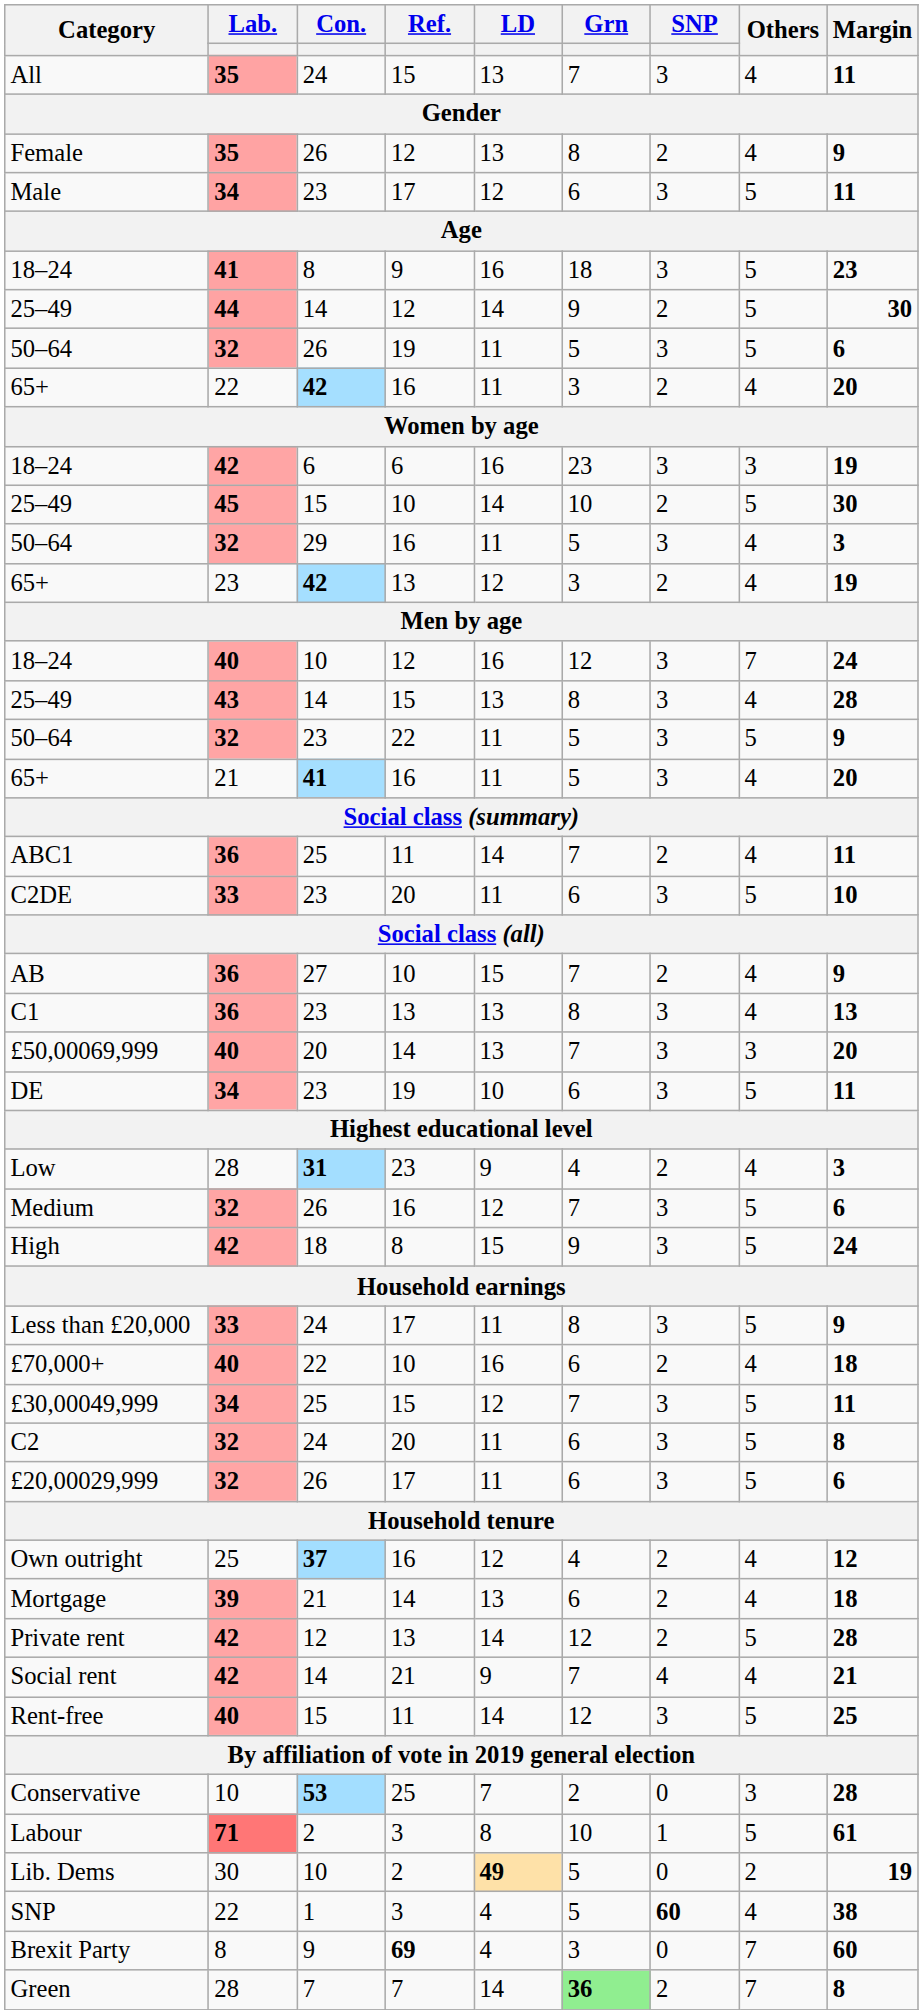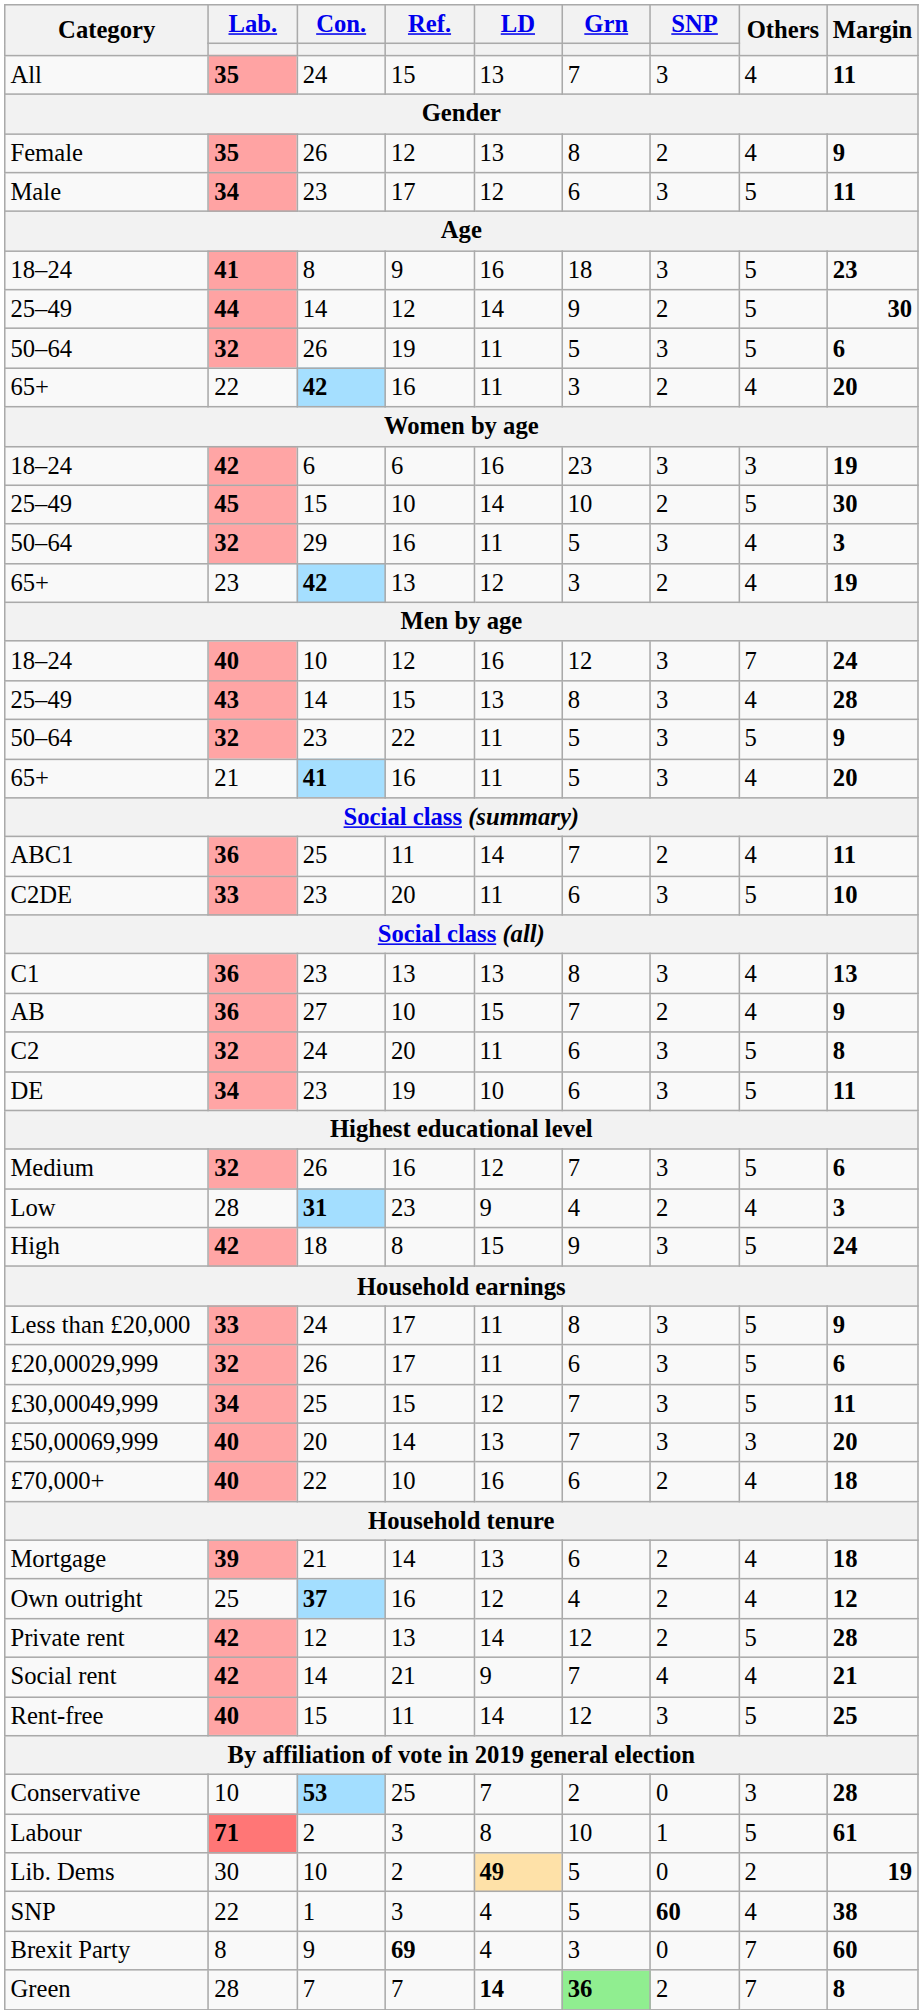 <table class="wikitable defaultright col1left">
 <tr>
 <th scope="col" style="width:125px;" rowspan="2">Category</th>
 <th scope="col" style="width:50px;"><a href='#'>Lab.</a></th>
 <th scope="col" style="width:50px;"><a href='#'>Con.</a></th>
 <th scope="col" style="width:50px;"><a href='#'>Ref.</a></th>
 <th scope="col" style="width:50px;"><a href='#'>LD</a></th>
 <th scope="col" style="width:50px;"><a href='#'>Grn</a></th>
 <th scope="col" style="width:50px;"><a href='#'>SNP</a></th>
 <th scope="col" style="width:50px;" rowspan="2">Others</th>
 <th scope="col"                     rowspan="2">Margin</th>
 </tr>
 <tr>
 <th style="color:inherit; background-color:"></th>
 <th style="color:inherit; background-color:"></th>
 <th style="color:inherit; background-color:"></th>
 <th style="color:inherit; background-color:"></th>
 <th style="color:inherit; background-color:"></th>
 <th style="color:inherit; background-color:"></th>
 </tr>
 <tr>
 <td>All</td>
 <td style="background:#FFA3A3;"><strong>35</strong></td>
 <td>24</td>
 <td>15</td>
 <td>13</td>
 <td>7</td>
 <td>3</td>
 <td>4</td>
 <td style="background:"><strong>11</strong></td>
 </tr>
 <tr>
 <th colspan="9">Gender</th>
 </tr>
 <tr>
 <td>Female</td>
 <td style="background:#FFA3A3;"><strong>35</strong></td>
 <td>26</td>
 <td>12</td>
 <td>13</td>
 <td>8</td>
 <td>2</td>
 <td>4</td>
 <td style="background:"><strong>9</strong></td>
 </tr>
 <tr>
 <td>Male</td>
 <td style="background:#FFA3A3;"><strong>34</strong></td>
 <td>23</td>
 <td>17</td>
 <td>12</td>
 <td>6</td>
 <td>3</td>
 <td>5</td>
 <td style="background:"><strong>11</strong></td>
 </tr>
 <tr>
 <th colspan="9">Age</th>
 </tr>
 <tr>
 <td>18–24</td>
 <td style="background:#FFA3A3;"><strong>41</strong></td>
 <td>8</td>
 <td>9</td>
 <td>16</td>
 <td>18</td>
 <td>3</td>
 <td>5</td>
 <td style="background:"><strong>23</strong></td>
 </tr>
 <tr>
 <td>25–49</td>
 <td style="background:#FFA3A3;"><strong>44</strong></td>
 <td>14</td>
 <td>12</td>
 <td>14</td>
 <td>9</td>
 <td>2</td>
 <td>5</td>
 <td style="text-align:right; background:"><strong>30</strong></td>
 </tr>
 <tr>
 <td>50–64</td>
 <td style="background:#FFA3A3;"><strong>32</strong></td>
 <td>26</td>
 <td>19</td>
 <td>11</td>
 <td>5</td>
 <td>3</td>
 <td>5</td>
 <td style="background:"><strong>6</strong></td>
 </tr>
 <tr>
 <td>65+</td>
 <td>22</td>
 <td style="background:#A5DFFF;"><strong>42</strong></td>
 <td>16</td>
 <td>11</td>
 <td>3</td>
 <td>2</td>
 <td>4</td>
 <td style="background:"><strong>20</strong></td>
 </tr>
 <tr>
 <th colspan="9">Women by age</th>
 </tr>
 <tr>
 <td>18–24</td>
 <td style="background:#FFA5A5;"><strong>42</strong></td>
 <td>6</td>
 <td>6</td>
 <td>16</td>
 <td>23</td>
 <td>3</td>
 <td>3</td>
 <td style="background:"><strong>19</strong></td>
 </tr>
 <tr>
 <td>25–49</td>
 <td style="background:#FFA5A5;"><strong>45</strong></td>
 <td>15</td>
 <td>10</td>
 <td>14</td>
 <td>10</td>
 <td>2</td>
 <td>5</td>
 <td style="background:"><strong>30</strong></td>
 </tr>
 <tr>
 <td>50–64</td>
 <td style="background:#FFA5A5;"><strong>32</strong></td>
 <td>29</td>
 <td>16</td>
 <td>11</td>
 <td>5</td>
 <td>3</td>
 <td>4</td>
 <td style="background:"><strong>3</strong></td>
 </tr>
 <tr>
 <td>65+</td>
 <td>23</td>
 <td style="background:#A5DFFF;"><strong>42</strong></td>
 <td>13</td>
 <td>12</td>
 <td>3</td>
 <td>2</td>
 <td>4</td>
 <td style="background:"><strong>19</strong></td>
 </tr>
 <tr>
 <th colspan="9">Men by age</th>
 </tr>
 <tr>
 <td>18–24</td>
 <td style="background:#FFA5A5;"><strong>40</strong></td>
 <td>10</td>
 <td>12</td>
 <td>16</td>
 <td>12</td>
 <td>3</td>
 <td>7</td>
 <td style="background:"><strong>24</strong></td>
 </tr>
 <tr>
 <td>25–49</td>
 <td style="background:#FFA5A5;"><strong>43</strong></td>
 <td>14</td>
 <td>15</td>
 <td>13</td>
 <td>8</td>
 <td>3</td>
 <td>4</td>
 <td style="background:"><strong>28</strong></td>
 </tr>
 <tr>
 <td>50–64</td>
 <td style="background:#FFA5A5;"><strong>32</strong></td>
 <td>23</td>
 <td>22</td>
 <td>11</td>
 <td>5</td>
 <td>3</td>
 <td>5</td>
 <td style="background:"><strong>9</strong></td>
 </tr>
 <tr>
 <td>65+</td>
 <td>21</td>
 <td style="background:#A5DFFF;"><strong>41</strong></td>
 <td>16</td>
 <td>11</td>
 <td>5</td>
 <td>3</td>
 <td>4</td>
 <td style="background:"><strong>20</strong></td>
 </tr>
 <tr>
 <th colspan="9"><a href='#'>Social class</a> <em>(summary)</em></th>
 </tr>
 <tr>
 <td>ABC1</td>
 <td style="background:#FFA5A5;"><strong>36</strong></td>
 <td>25</td>
 <td>11</td>
 <td>14</td>
 <td>7</td>
 <td>2</td>
 <td>4</td>
 <td style="background:"><strong>11</strong></td>
 </tr>
 <tr>
 <td>C2DE</td>
 <td style="background:#FFA5A5;"><strong>33</strong></td>
 <td>23</td>
 <td>20</td>
 <td>11</td>
 <td>6</td>
 <td>3</td>
 <td>5</td>
 <td style="background:"><strong>10</strong></td>
 </tr>
 <tr>
 <th colspan="9"><a href='#'>Social class</a> <em>(all)</em></th>
 </tr>
 <tr>
+<td>C1</td>
+<td style="background:#FFA5A5;"><strong>36</strong></td>
+<td>23</td>
+<td>13</td>
+<td>13</td>
+<td>8</td>
+<td>3</td>
+<td>4</td>
+<td style="background:"><strong>13</strong></td>
+</tr>
+<tr>
 <td>AB</td>
 <td style="background:#FFA5A5;"><strong>36</strong></td>
 <td>27</td>
 <td>10</td>
 <td>15</td>
 <td>7</td>
 <td>2</td>
 <td>4</td>
 <td style="background:"><strong>9</strong></td>
 </tr>
 <tr>
-<td>C1</td>
-<td style="background:#FFA5A5;"><strong>36</strong></td>
-<td>23</td>
-<td>13</td>
-<td>13</td>
-<td>8</td>
+<td>C2</td>
+<td style="background:#FFA5A5;"><strong>32</strong></td>
+<td>24</td>
+<td>20</td>
+<td>11</td>
+<td>6</td>
 <td>3</td>
-<td>4</td>
-<td style="background:"><strong>13</strong></td>
-</tr>
-<tr>
-<td>£50,00069,999</td>
-<td style="background:#FFA5A5;"><strong>40</strong></td>
-<td>20</td>
-<td>14</td>
-<td>13</td>
-<td>7</td>
-<td>3</td>
-<td>3</td>
-<td style="background:"><strong>20</strong></td>
+<td>5</td>
+<td style="background:"><strong>8</strong></td>
 </tr>
 <tr>
 <td>DE</td>
 <td style="background:#FFA5A5;"><strong>34</strong></td>
 <td>23</td>
 <td>19</td>
 <td>10</td>
 <td>6</td>
 <td>3</td>
 <td>5</td>
 <td style="background:"><strong>11</strong></td>
 </tr>
 <tr>
 <th colspan="9">Highest educational level</th>
 </tr>
 <tr>
+<td>Medium</td>
+<td style="background:#FFA5A5;"><strong>32</strong></td>
+<td>26</td>
+<td>16</td>
+<td>12</td>
+<td>7</td>
+<td>3</td>
+<td>5</td>
+<td style="background:"><strong>6</strong></td>
+</tr>
+<tr>
 <td>Low</td>
 <td>28</td>
 <td style="background:#A3DEFF;"><strong>31</strong></td>
 <td>23</td>
 <td>9</td>
 <td>4</td>
 <td>2</td>
 <td>4</td>
 <td style="background:"><strong>3</strong></td>
-</tr>
-<tr>
-<td>Medium</td>
-<td style="background:#FFA5A5;"><strong>32</strong></td>
-<td>26</td>
-<td>16</td>
-<td>12</td>
-<td>7</td>
-<td>3</td>
-<td>5</td>
-<td style="background:"><strong>6</strong></td>
 </tr>
 <tr>
 <td>High</td>
 <td style="background:#FFA5A5;"><strong>42</strong></td>
 <td>18</td>
 <td>8</td>
 <td>15</td>
 <td>9</td>
 <td>3</td>
 <td>5</td>
 <td style="background:"><strong>24</strong></td>
 </tr>
 <tr>
 <th colspan="9">Household earnings</th>
 </tr>
 <tr>
 <td>Less than £20,000</td>
 <td style="background:#FFA5A5;"><strong>33</strong></td>
 <td>24</td>
 <td>17</td>
 <td>11</td>
 <td>8</td>
 <td>3</td>
 <td>5</td>
 <td style="background:"><strong>9</strong></td>
 </tr>
 <tr>
-<td>£70,000+</td>
-<td style="background:#FFA5A5;"><strong>40</strong></td>
-<td>22</td>
-<td>10</td>
-<td>16</td>
+<td>£20,00029,999</td>
+<td style="background:#FFA5A5;"><strong>32</strong></td>
+<td>26</td>
+<td>17</td>
+<td>11</td>
 <td>6</td>
-<td>2</td>
-<td>4</td>
-<td style="background:"><strong>18</strong></td>
+<td>3</td>
+<td>5</td>
+<td style="background:"><strong>6</strong></td>
 </tr>
 <tr>
 <td>£30,00049,999</td>
 <td style="background:#FFA5A5;"><strong>34</strong></td>
 <td>25</td>
 <td>15</td>
 <td>12</td>
 <td>7</td>
 <td>3</td>
 <td>5</td>
 <td style="background:"><strong>11</strong></td>
 </tr>
 <tr>
-<td>C2</td>
-<td style="background:#FFA5A5;"><strong>32</strong></td>
-<td>24</td>
+<td>£50,00069,999</td>
+<td style="background:#FFA5A5;"><strong>40</strong></td>
 <td>20</td>
-<td>11</td>
-<td>6</td>
+<td>14</td>
+<td>13</td>
+<td>7</td>
 <td>3</td>
-<td>5</td>
-<td style="background:"><strong>8</strong></td>
+<td>3</td>
+<td style="background:"><strong>20</strong></td>
 </tr>
 <tr>
-<td>£20,00029,999</td>
-<td style="background:#FFA5A5;"><strong>32</strong></td>
-<td>26</td>
-<td>17</td>
-<td>11</td>
+<td>£70,000+</td>
+<td style="background:#FFA5A5;"><strong>40</strong></td>
+<td>22</td>
+<td>10</td>
+<td>16</td>
 <td>6</td>
-<td>3</td>
-<td>5</td>
-<td style="background:"><strong>6</strong></td>
+<td>2</td>
+<td>4</td>
+<td style="background:"><strong>18</strong></td>
 </tr>
 <tr>
 <th colspan="9">Household tenure</th>
+</tr>
+<tr>
+<td>Mortgage</td>
+<td style="background:#FFA5A5;"><strong>39</strong></td>
+<td>21</td>
+<td>14</td>
+<td>13</td>
+<td>6</td>
+<td>2</td>
+<td>4</td>
+<td style="background:"><strong>18</strong></td>
 </tr>
 <tr>
 <td>Own outright</td>
 <td>25</td>
 <td style="background:#A3DEFF;"><strong>37</strong></td>
 <td>16</td>
 <td>12</td>
 <td>4</td>
 <td>2</td>
 <td>4</td>
 <td style="background:"><strong>12</strong></td>
-</tr>
-<tr>
-<td>Mortgage</td>
-<td style="background:#FFA5A5;"><strong>39</strong></td>
-<td>21</td>
-<td>14</td>
-<td>13</td>
-<td>6</td>
-<td>2</td>
-<td>4</td>
-<td style="background:"><strong>18</strong></td>
 </tr>
 <tr>
 <td>Private rent</td>
 <td style="background:#FFA5A5;"><strong>42</strong></td>
 <td>12</td>
 <td>13</td>
 <td>14</td>
 <td>12</td>
 <td>2</td>
 <td>5</td>
 <td style="background:"><strong>28</strong></td>
 </tr>
 <tr>
 <td>Social rent</td>
 <td style="background:#FFA5A5;"><strong>42</strong></td>
 <td>14</td>
 <td>21</td>
 <td>9</td>
 <td>7</td>
 <td>4</td>
 <td>4</td>
 <td style="background:"><strong>21</strong></td>
 </tr>
 <tr>
 <td>Rent-free</td>
 <td style="background:#FFA5A5;"><strong>40</strong></td>
 <td>15</td>
 <td>11</td>
 <td>14</td>
 <td>12</td>
 <td>3</td>
 <td>5</td>
 <td style="background:"><strong>25</strong></td>
 </tr>
 <tr>
 <th colspan="9">By affiliation of vote in 2019 general election</th>
 </tr>
 <tr>
 <td>Conservative</td>
 <td>10</td>
 <td style="background:#A3DEFF;"><strong>53</strong></td>
 <td>25</td>
 <td>7</td>
 <td>2</td>
 <td>0</td>
 <td>3</td>
 <td style="background:"><strong>28</strong></td>
 </tr>
 <tr>
 <td>Labour</td>
 <td style="background:#FF7676;"><strong>71</strong></td>
 <td>2</td>
 <td>3</td>
 <td>8</td>
 <td>10</td>
 <td>1</td>
 <td>5</td>
 <td style="background:"><strong>61</strong></td>
 </tr>
 <tr>
 <td>Lib. Dems</td>
 <td>30</td>
 <td>10</td>
 <td>2</td>
 <td style="background:#FEE1A8;"><strong>49</strong></td>
 <td>5</td>
 <td>0</td>
 <td>2</td>
 <td style="text-align:right; background:"><strong>19</strong></td>
 </tr>
 <tr>
 <td>SNP</td>
 <td>22</td>
 <td>1</td>
 <td>3</td>
 <td>4</td>
 <td>5</td>
 <td style="background:"><strong>60</strong></td>
 <td>4</td>
 <td style="background:"><strong>38</strong></td>
 </tr>
 <tr>
 <td>Brexit Party</td>
 <td>8</td>
 <td>9</td>
 <td style="background:"><strong>69</strong></td>
 <td>4</td>
 <td>3</td>
 <td>0</td>
 <td>7</td>
 <td style="background:"><strong>60</strong></td>
 </tr>
 <tr>
 <td>Green</td>
 <td>28</td>
 <td>7</td>
 <td>7</td>
-<td>14</td>
+<td><strong>14</strong></td>
 <td style="background:lightgreen;"><strong>36</strong></td>
 <td>2</td>
 <td>7</td>
 <td style="background:"><strong>8</strong></td>
 </tr>
 </table>
